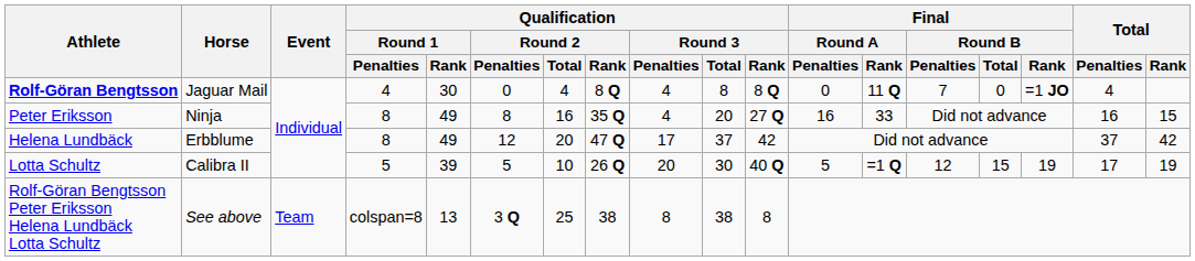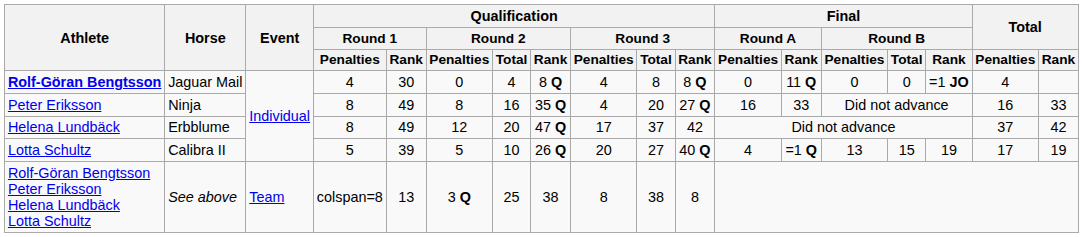 <table class="wikitable" style="font-size:90%">
 <tr>
 <th rowspan="3">Athlete</th>
 <th rowspan="3">Horse</th>
 <th rowspan="3">Event</th>
 <th colspan="8">Qualification</th>
 <th colspan="5">Final</th>
 <th rowspan=2 colspan="2">Total</th>
 </tr>
 <tr style="font-size:95%">
 <th colspan="2">Round 1</th>
 <th colspan="3">Round 2</th>
 <th colspan="3">Round 3</th>
 <th colspan="2">Round A</th>
 <th colspan="3">Round B</th>
 </tr>
 <tr style="font-size:95%">
 <th>Penalties</th>
 <th>Rank</th>
 <th>Penalties</th>
 <th>Total</th>
 <th>Rank</th>
 <th>Penalties</th>
 <th>Total</th>
 <th>Rank</th>
 <th>Penalties</th>
 <th>Rank</th>
 <th>Penalties</th>
 <th>Total</th>
 <th>Rank</th>
 <th>Penalties</th>
 <th>Rank</th>
 </tr>
 <tr align=center>
 <td align=left><strong><a href='#'>Rolf-Göran Bengtsson</a></strong></td>
 <td align=left>Jaguar Mail</td>
 <td align=left rowspan=4><a href='#'>Individual</a></td>
 <td>4</td>
 <td>30</td>
 <td>0</td>
 <td>4</td>
 <td>8 <strong>Q</strong></td>
 <td>4</td>
 <td>8</td>
 <td>8 <strong>Q</strong></td>
 <td>0</td>
 <td>11 <strong>Q</strong></td>
-<td>7</td>
+<td>0</td>
 <td>0</td>
 <td>=1 <strong>JO</strong></td>
 <td>4</td>
 <td></td>
 </tr>
 <tr align=center>
 <td align=left><a href='#'>Peter Eriksson</a></td>
 <td align=left>Ninja</td>
 <td>8</td>
 <td>49</td>
 <td>8</td>
 <td>16</td>
 <td>35 <strong>Q</strong></td>
 <td>4</td>
 <td>20</td>
 <td>27 <strong>Q</strong></td>
 <td>16</td>
 <td>33</td>
 <td colspan=3>Did not advance</td>
 <td>16</td>
-<td>15</td>
+<td>33</td>
 </tr>
 <tr align=center>
 <td align=left><a href='#'>Helena Lundbäck</a></td>
 <td align=left>Erbblume</td>
 <td>8</td>
 <td>49</td>
 <td>12</td>
 <td>20</td>
 <td>47 <strong>Q</strong></td>
 <td>17</td>
 <td>37</td>
 <td>42</td>
 <td colspan=5>Did not advance</td>
 <td>37</td>
 <td>42</td>
 </tr>
 <tr align=center>
 <td align=left><a href='#'>Lotta Schultz</a></td>
 <td align=left>Calibra II</td>
 <td>5</td>
 <td>39</td>
 <td>5</td>
 <td>10</td>
 <td>26 <strong>Q</strong></td>
 <td>20</td>
-<td>30</td>
+<td>27</td>
 <td>40 <strong>Q</strong></td>
-<td>5</td>
+<td>4</td>
 <td>=1 <strong>Q</strong></td>
-<td>12</td>
+<td>13</td>
 <td>15</td>
 <td>19</td>
 <td>17</td>
 <td>19</td>
 </tr>
 <tr align=center>
 <td align=left><a href='#'>Rolf-Göran Bengtsson</a><br><a href='#'>Peter Eriksson</a><br><a href='#'>Helena Lundbäck</a><br><a href='#'>Lotta Schultz</a></td>
 <td align=left><em>See above</em></td>
 <td align=left><a href='#'>Team</a></td>
 <td>colspan=8 </td>
 <td>13</td>
 <td>3 <strong>Q</strong></td>
 <td>25</td>
 <td>38</td>
 <td>8</td>
 <td>38</td>
 <td>8</td>
 </tr>
 </table>
